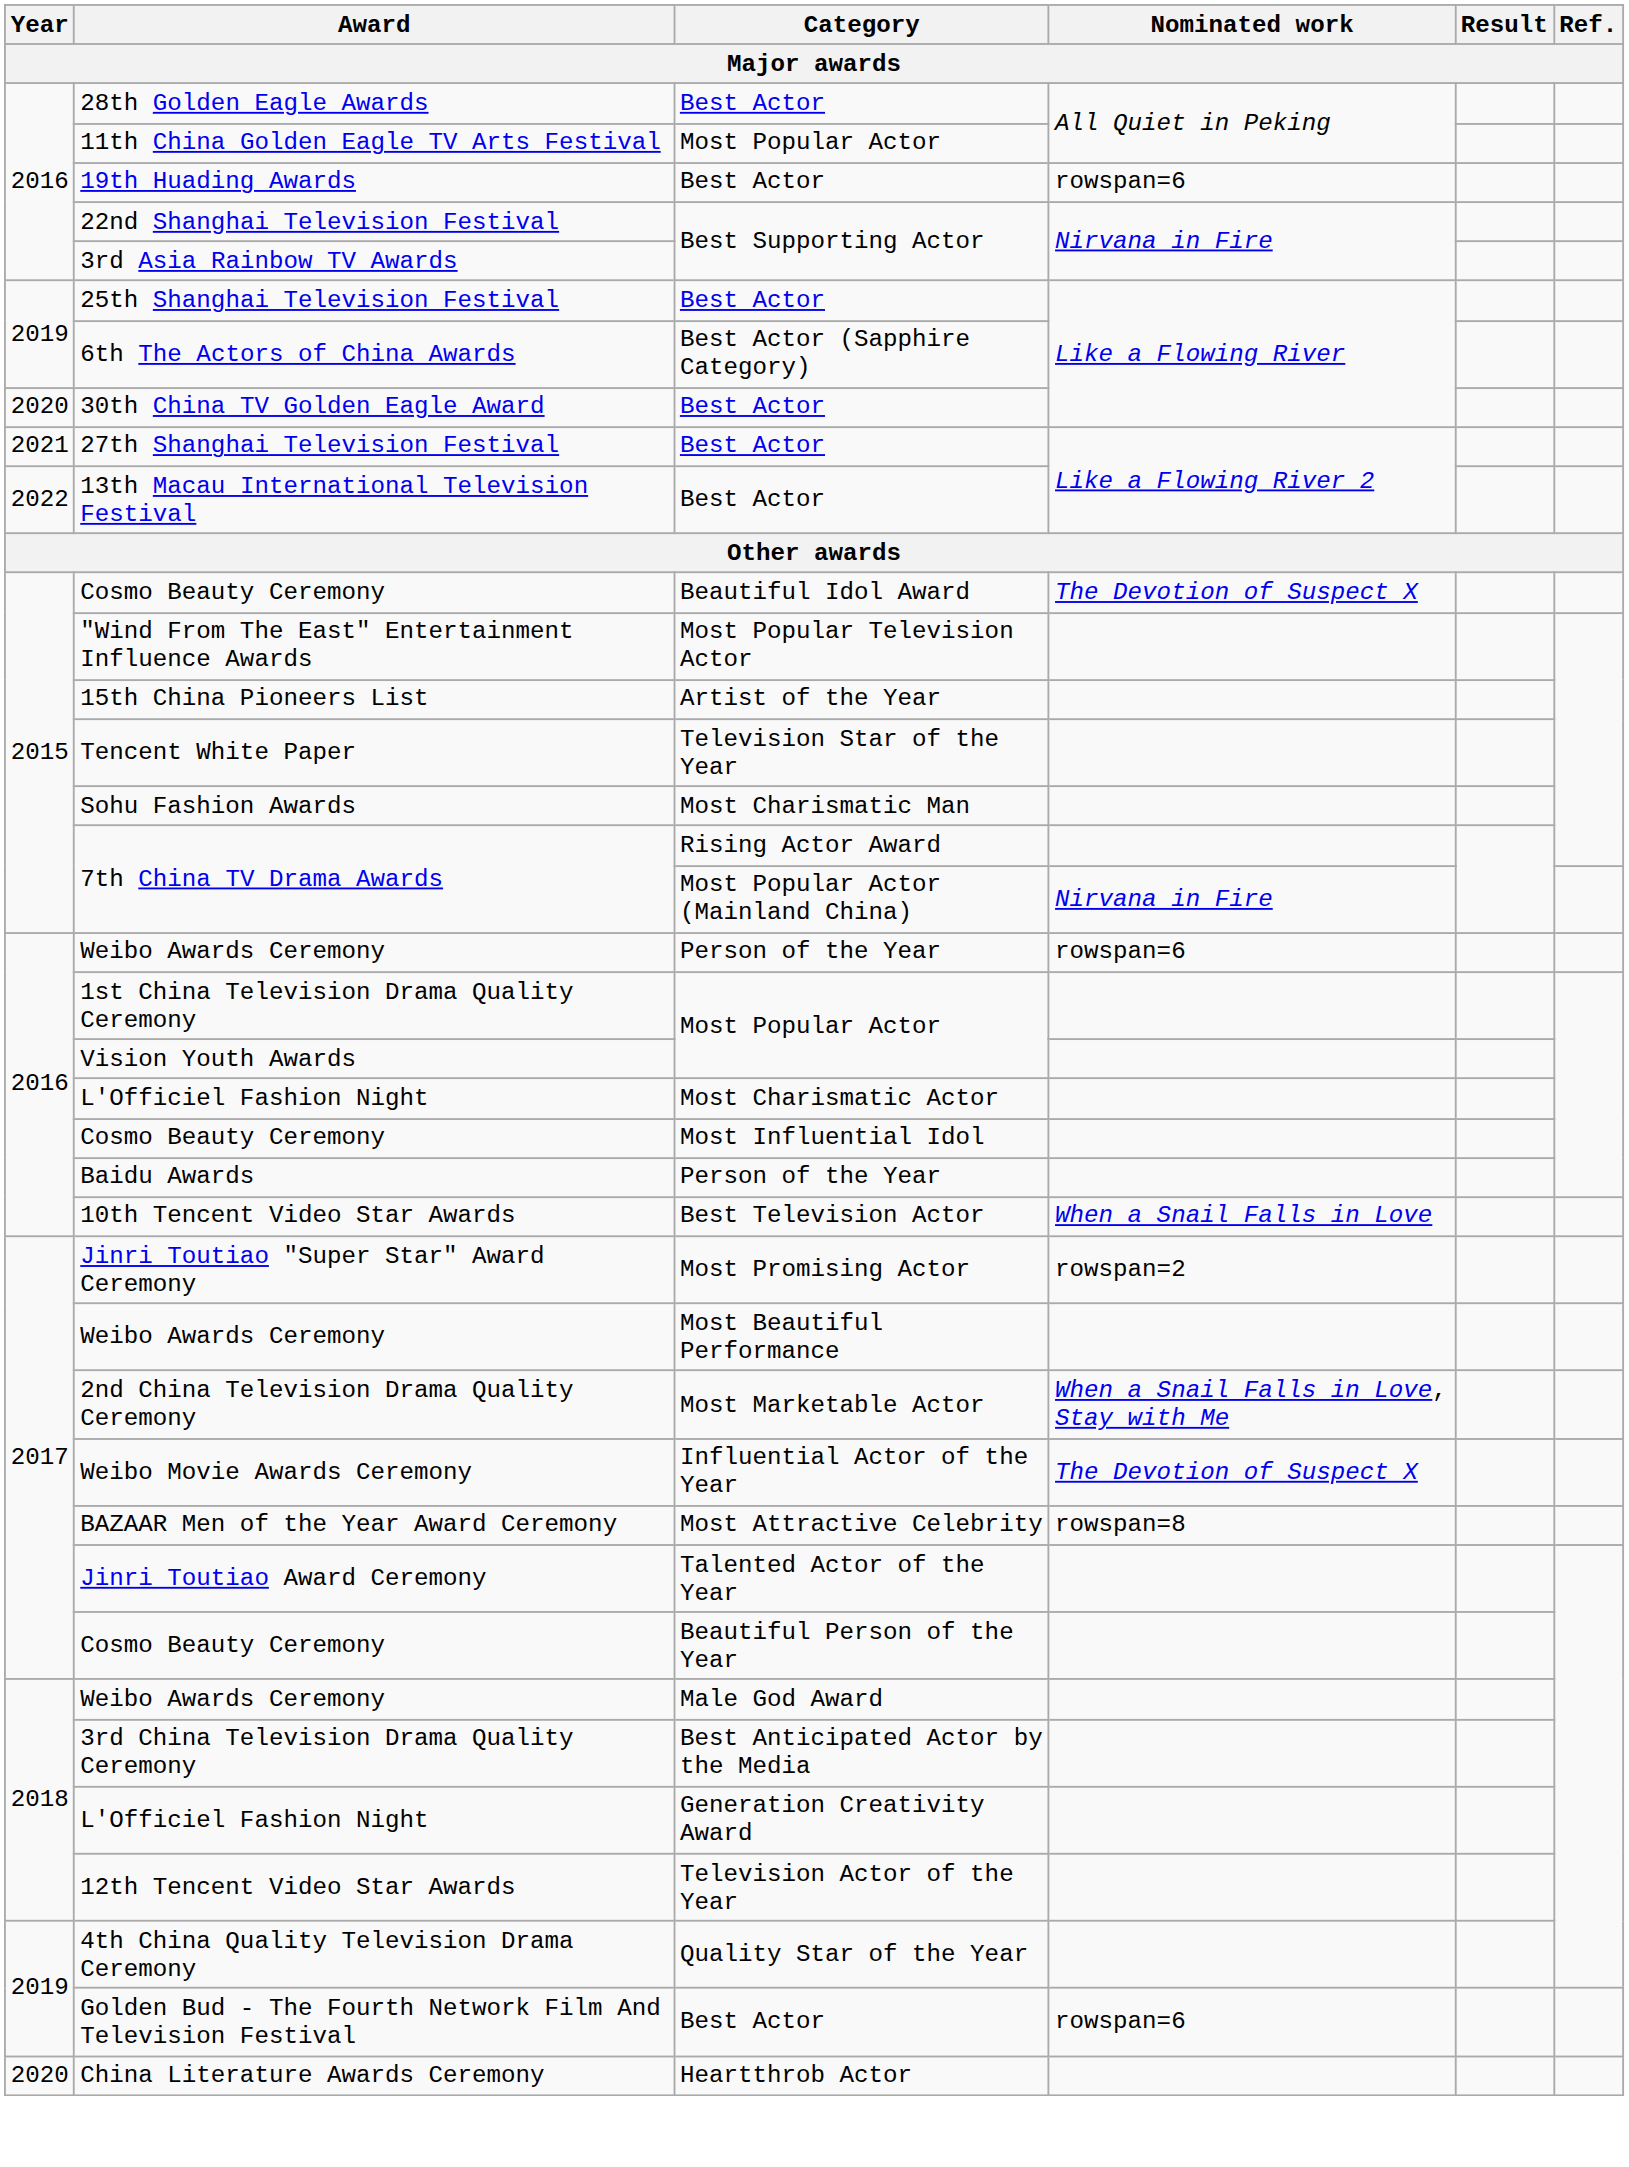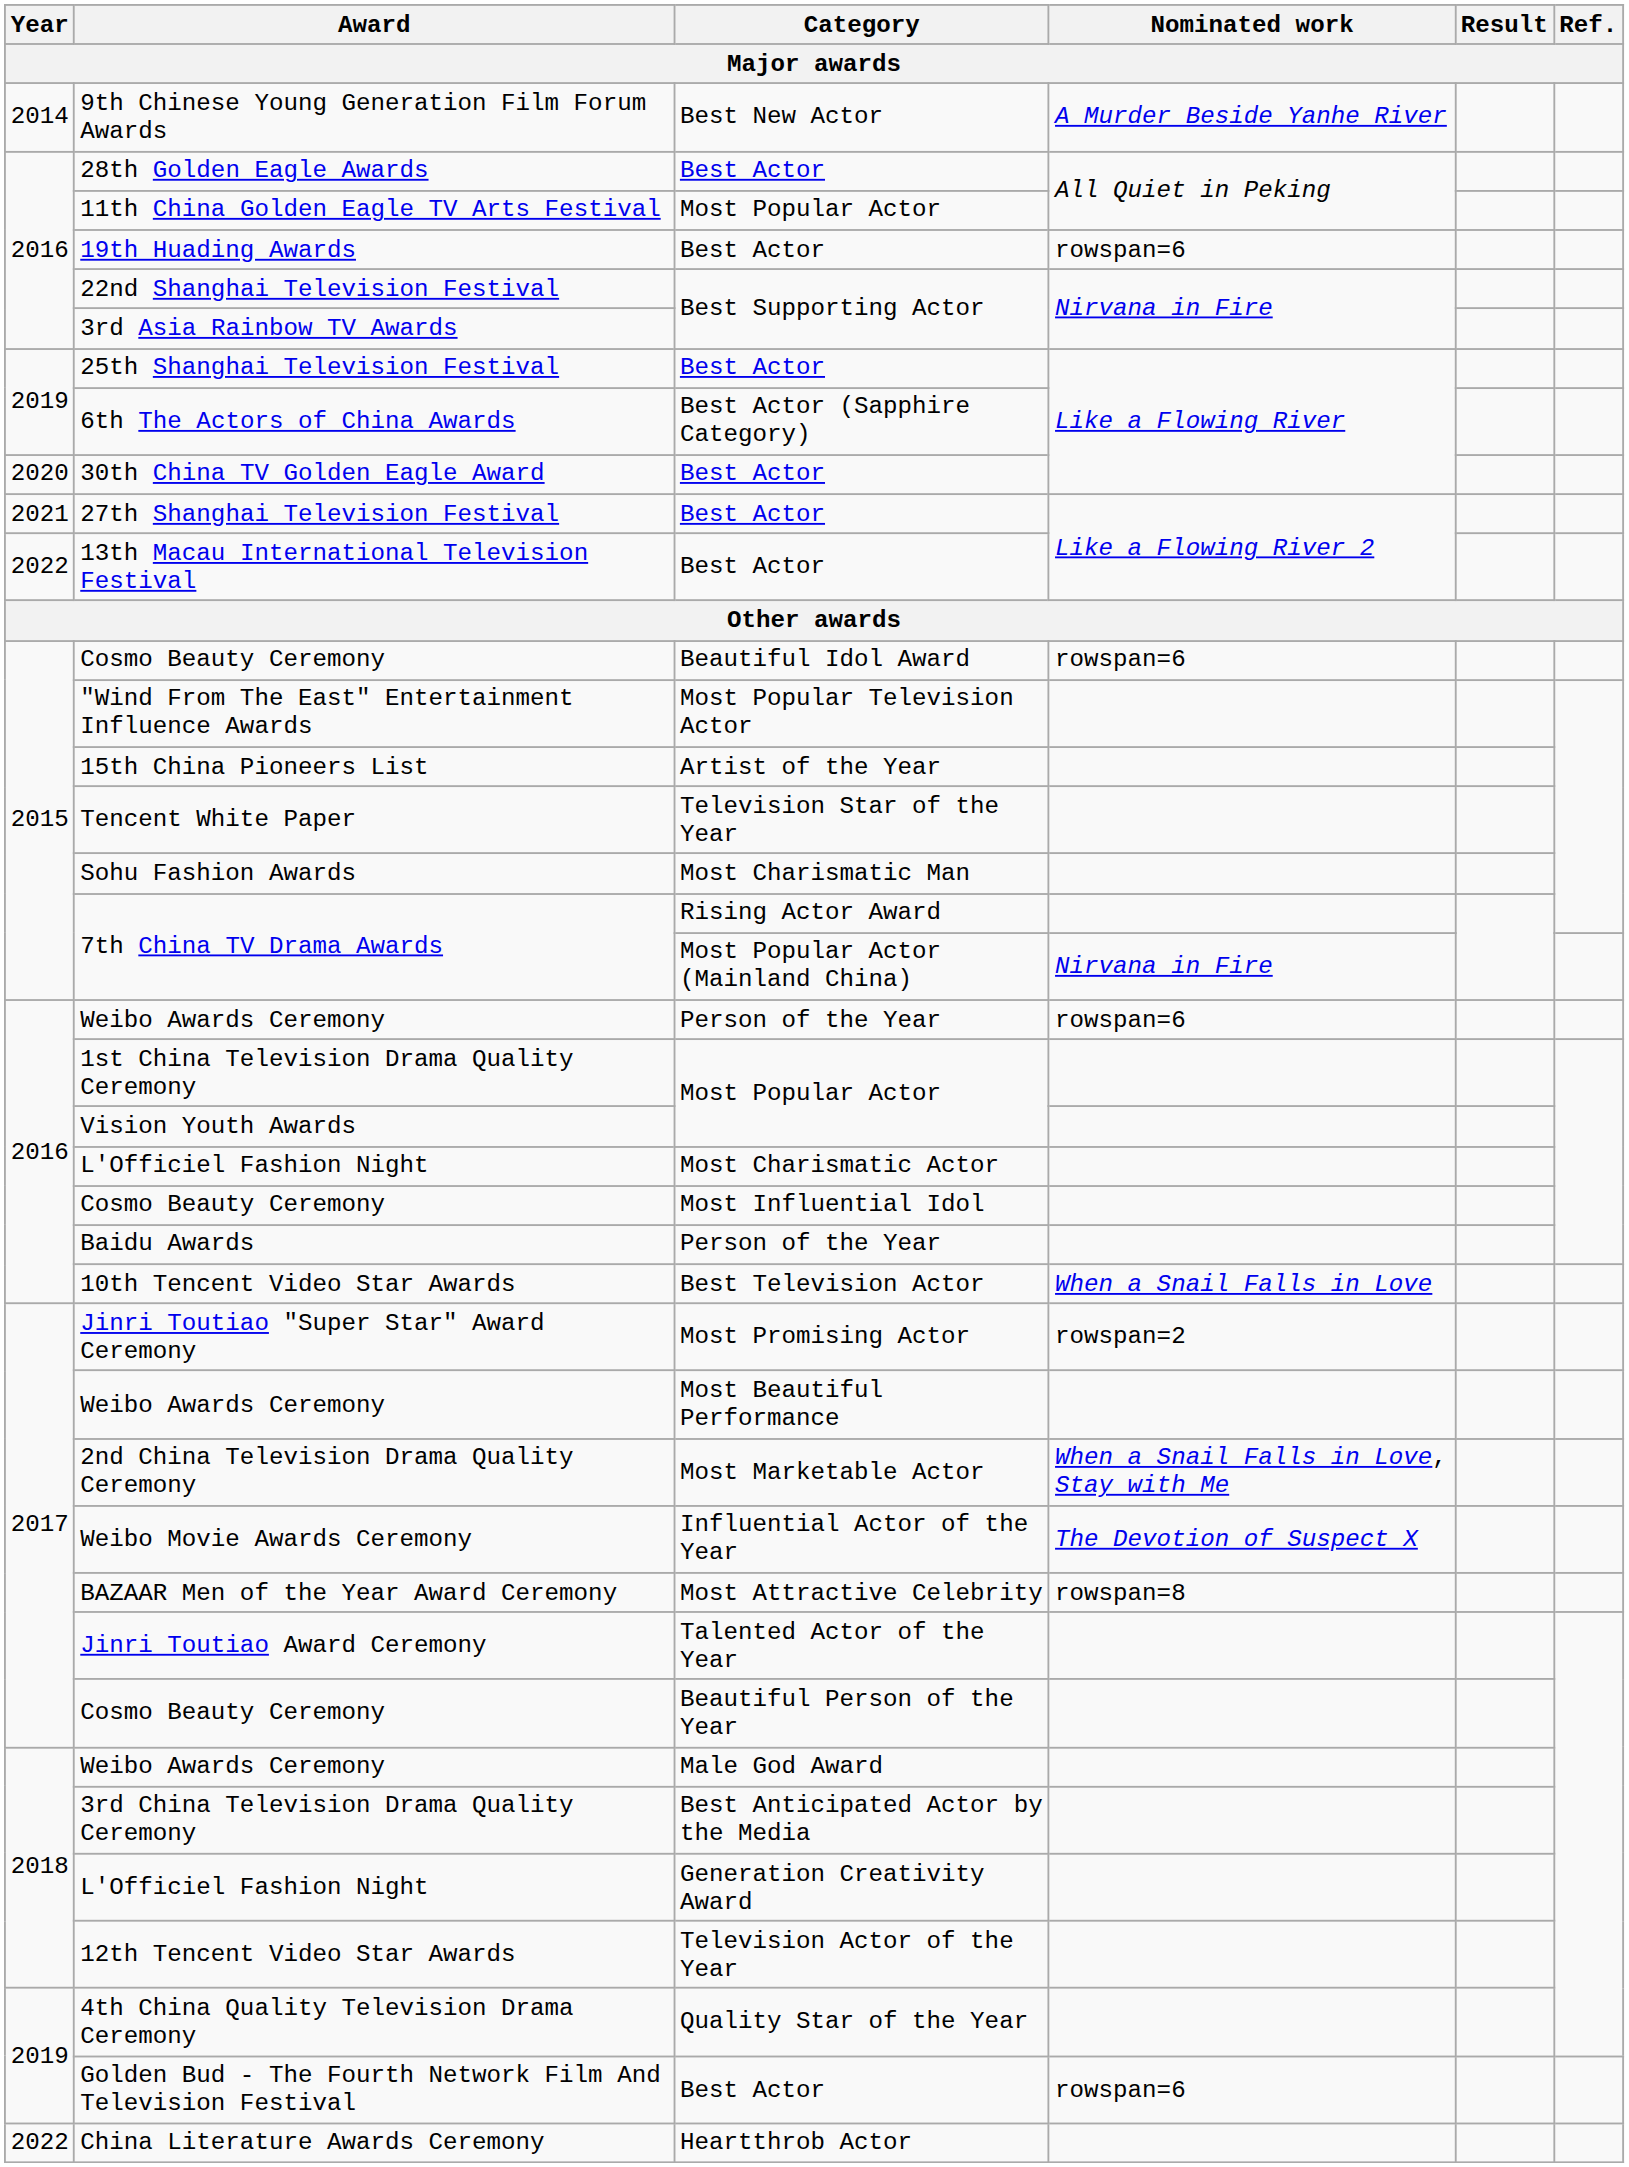 <table class="wikitable">
 <tr>
 <th>Year</th>
 <th>Award</th>
 <th>Category</th>
 <th>Nominated work</th>
 <th>Result</th>
 <th>Ref.</th>
 </tr>
 <tr>
 <th colspan="6">Major awards</th>
+</tr>
+<tr>
+<td>2014</td>
+<td>9th Chinese Young Generation Film Forum Awards</td>
+<td>Best New Actor</td>
+<td><em><a href='#'>A Murder Beside Yanhe River</a></em></td>
+<td></td>
+<td></td>
 </tr>
 <tr>
 <td rowspan="5">2016</td>
 <td>28th <a href='#'>Golden Eagle Awards</a></td>
 <td><a href='#'>Best Actor</a></td>
 <td rowspan=2><em>All Quiet in Peking</em></td>
 <td></td>
 <td></td>
 </tr>
 <tr>
 <td>11th <a href='#'>China Golden Eagle TV Arts Festival</a></td>
 <td>Most Popular Actor</td>
 <td></td>
 <td></td>
 </tr>
 <tr>
 <td><a href='#'>19th Huading Awards</a></td>
 <td>Best Actor</td>
 <td>rowspan=6 </td>
 <td></td>
 <td></td>
 </tr>
 <tr>
 <td>22nd <a href='#'>Shanghai Television Festival</a></td>
 <td rowspan=2>Best Supporting Actor</td>
 <td rowspan=2><em><a href='#'>Nirvana in Fire</a></em></td>
 <td></td>
 <td></td>
 </tr>
 <tr>
 <td>3rd <a href='#'>Asia Rainbow TV Awards</a></td>
 <td></td>
 <td></td>
 </tr>
 <tr>
 <td rowspan=2>2019</td>
 <td>25th <a href='#'>Shanghai Television Festival</a></td>
 <td><a href='#'>Best Actor</a></td>
 <td rowspan=3><em><a href='#'>Like a Flowing River</a></em></td>
 <td></td>
 <td></td>
 </tr>
 <tr>
 <td>6th <a href='#'>The Actors of China Awards</a></td>
 <td>Best Actor (Sapphire Category)</td>
 <td></td>
 <td></td>
 </tr>
 <tr>
 <td>2020</td>
 <td>30th <a href='#'>China TV Golden Eagle Award</a></td>
 <td><a href='#'>Best Actor</a></td>
 <td></td>
 <td></td>
 </tr>
 <tr>
 <td>2021</td>
 <td>27th <a href='#'>Shanghai Television Festival</a></td>
 <td><a href='#'>Best Actor</a></td>
 <td rowspan=2><em><a href='#'>Like a Flowing River 2</a></em></td>
 <td></td>
 <td></td>
 </tr>
 <tr>
 <td>2022</td>
 <td>13th <a href='#'>Macau International Television Festival</a></td>
 <td>Best Actor</td>
 <td></td>
 <td></td>
 </tr>
 <tr>
 <th colspan="6">Other awards</th>
 </tr>
 <tr>
 <td rowspan="7">2015</td>
 <td>Cosmo Beauty Ceremony</td>
 <td>Beautiful Idol Award</td>
-<td><em><a href='#'>The Devotion of Suspect X</a></em></td>
+<td>rowspan=6 </td>
 <td></td>
 <td></td>
 </tr>
 <tr>
 <td>"Wind From The East" Entertainment Influence Awards</td>
 <td>Most Popular Television Actor</td>
 <td></td>
 <td></td>
 </tr>
 <tr>
 <td>15th China Pioneers List</td>
 <td>Artist of the Year</td>
 <td></td>
 <td></td>
 </tr>
 <tr>
 <td>Tencent White Paper</td>
 <td>Television Star of the Year</td>
 <td></td>
 <td></td>
 </tr>
 <tr>
 <td>Sohu Fashion Awards</td>
 <td>Most Charismatic Man</td>
 <td></td>
 <td></td>
 </tr>
 <tr>
 <td rowspan="2">7th <a href='#'>China TV Drama Awards</a></td>
 <td>Rising Actor Award</td>
 <td></td>
 <td rowspan="2"></td>
 </tr>
 <tr>
 <td>Most Popular Actor (Mainland China)</td>
 <td><em><a href='#'>Nirvana in Fire</a></em></td>
 <td></td>
 </tr>
 <tr>
 <td rowspan=7>2016</td>
 <td>Weibo Awards Ceremony</td>
 <td>Person of the Year</td>
 <td>rowspan=6 </td>
 <td></td>
 <td></td>
 </tr>
 <tr>
 <td>1st China Television Drama Quality Ceremony</td>
 <td rowspan=2>Most Popular Actor</td>
 <td></td>
 <td></td>
 </tr>
 <tr>
 <td>Vision Youth Awards</td>
 <td></td>
 <td></td>
 </tr>
 <tr>
 <td>L'Officiel Fashion Night</td>
 <td>Most Charismatic Actor</td>
 <td></td>
 <td></td>
 </tr>
 <tr>
 <td>Cosmo Beauty Ceremony</td>
 <td>Most Influential Idol</td>
 <td></td>
 <td></td>
 </tr>
 <tr>
 <td>Baidu Awards</td>
 <td>Person of the Year</td>
 <td></td>
 <td></td>
 </tr>
 <tr>
 <td>10th Tencent Video Star Awards</td>
 <td>Best Television Actor</td>
 <td><em><a href='#'>When a Snail Falls in Love</a></em></td>
 <td></td>
 <td></td>
 </tr>
 <tr>
 <td rowspan=7>2017</td>
 <td><a href='#'>Jinri Toutiao</a> "Super Star" Award Ceremony</td>
 <td>Most Promising Actor</td>
 <td>rowspan=2 </td>
 <td></td>
 <td></td>
 </tr>
 <tr>
 <td>Weibo Awards Ceremony</td>
 <td>Most Beautiful Performance</td>
 <td></td>
 <td></td>
 </tr>
 <tr>
 <td>2nd China Television Drama Quality Ceremony</td>
 <td>Most Marketable Actor</td>
 <td><em><a href='#'>When a Snail Falls in Love</a></em>, <em><a href='#'>Stay with Me</a></em></td>
 <td></td>
 <td></td>
 </tr>
 <tr>
 <td>Weibo Movie Awards Ceremony</td>
 <td>Influential Actor of the Year</td>
 <td><em><a href='#'>The Devotion of Suspect X</a></em></td>
 <td></td>
 <td></td>
 </tr>
 <tr>
 <td>BAZAAR Men of the Year Award Ceremony</td>
 <td>Most Attractive Celebrity</td>
 <td>rowspan=8 </td>
 <td></td>
 <td></td>
 </tr>
 <tr>
 <td><a href='#'>Jinri Toutiao</a> Award Ceremony</td>
 <td>Talented Actor of the Year</td>
 <td></td>
 <td></td>
 </tr>
 <tr>
 <td>Cosmo Beauty Ceremony</td>
 <td>Beautiful Person of the Year</td>
 <td></td>
 <td></td>
 </tr>
 <tr>
 <td rowspan=4>2018</td>
 <td>Weibo Awards Ceremony</td>
 <td>Male God Award</td>
 <td></td>
 <td></td>
 </tr>
 <tr>
 <td>3rd China Television Drama Quality Ceremony</td>
 <td>Best Anticipated Actor by the Media</td>
 <td></td>
 <td></td>
 </tr>
 <tr>
 <td>L'Officiel Fashion Night</td>
 <td>Generation Creativity Award</td>
 <td></td>
 <td></td>
 </tr>
 <tr>
 <td>12th Tencent Video Star Awards</td>
 <td>Television Actor of the Year</td>
 <td></td>
 <td></td>
 </tr>
 <tr>
 <td rowspan=2>2019</td>
 <td>4th China Quality Television Drama Ceremony</td>
 <td>Quality Star of the Year</td>
 <td></td>
 <td></td>
 </tr>
 <tr>
 <td>Golden Bud - The Fourth Network Film And Television Festival</td>
 <td>Best Actor</td>
 <td>rowspan=6 </td>
 <td></td>
 <td></td>
 </tr>
 <tr>
-<td>2020</td>
+<td>2022</td>
 <td>China Literature Awards Ceremony</td>
 <td>Heartthrob Actor</td>
 <td></td>
 <td></td>
 <td></td>
 </tr>
 <tr>
 </tr>
 </table>
